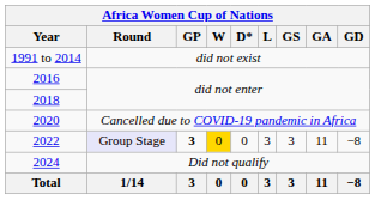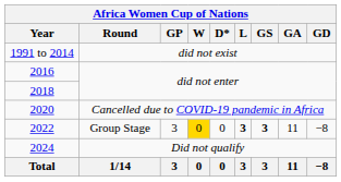 <table class="wikitable" style="text-align: center; width:50%;">
 <tr>
 <th colspan=10><a href='#'>Africa Women Cup of Nations</a></th>
 </tr>
 <tr>
 <th>Year</th>
 <th>Round</th>
 <th>GP</th>
 <th>W</th>
 <th>D*</th>
 <th>L</th>
 <th>GS</th>
 <th>GA</th>
 <th>GD</th>
 </tr>
 <tr>
 <td><a href='#'>1991</a> to  <a href='#'>2014</a></td>
 <td colspan=8><em>did not exist</em></td>
 </tr>
 <tr>
 <td> <a href='#'>2016</a></td>
 <td colspan=8 rowspan=2><em>did not enter</em></td>
 </tr>
 <tr>
 <td> <a href='#'>2018</a></td>
 </tr>
 <tr>
 <td><a href='#'>2020</a></td>
 <td colspan=8><em>Cancelled due to <a href='#'>COVID-19 pandemic in Africa</a></em></td>
 </tr>
 <tr>
 <td> <a href='#'>2022</a></td>
-<td style="background: lavender;">Group Stage</td>
-<td><strong>3</strong></td>
+<td>Group Stage</td>
+<td>3</td>
 <td style="background: gold;">0</td>
 <td>0</td>
-<td>3</td>
-<td>3</td>
+<td><strong>3</strong></td>
+<td><strong>3</strong></td>
 <td>11</td>
 <td>−8</td>
 </tr>
 <tr>
 <td> <a href='#'>2024</a></td>
 <td colspan=8><em>Did not qualify</em></td>
 </tr>
 <tr>
 <th><strong>Total</strong></th>
 <th>1/14</th>
 <th>3</th>
 <th>0</th>
 <th>0</th>
 <th>3</th>
 <th>3</th>
 <th>11</th>
 <th>−8</th>
 </tr>
 </table>
